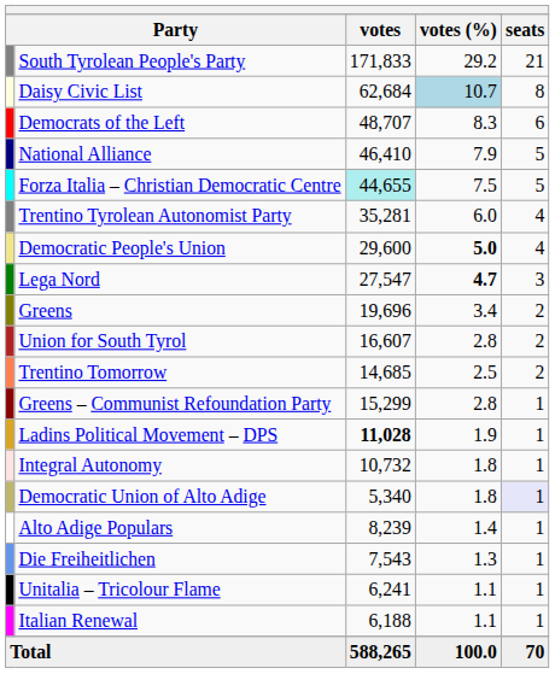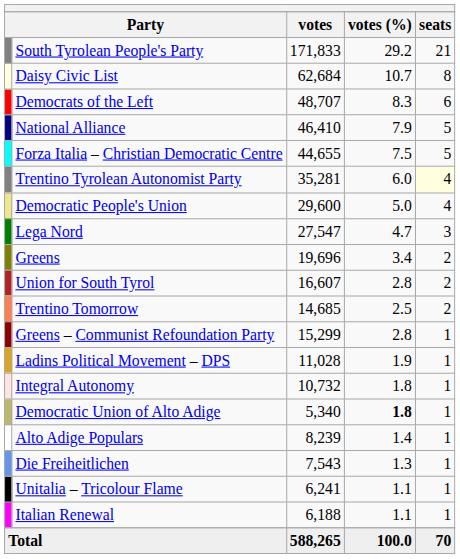 <table class="wikitable" style="font-size:95%">
 <tr>
 <th colspan=5></th>
 </tr>
 <tr>
 </tr>
 <tr bgcolor="EFEFEF">
 <th colspan=2>Party</th>
 <th>votes</th>
 <th>votes (%)</th>
 <th>seats</th>
 </tr>
 <tr>
 <td bgcolor=Gray></td>
 <td><a href='#'>South Tyrolean People's Party</a></td>
 <td align=right>171,833</td>
 <td align=right>29.2</td>
 <td align=right>21</td>
 </tr>
 <tr>
 <td bgcolor=Lightyellow></td>
 <td><a href='#'>Daisy Civic List</a></td>
 <td align=right>62,684</td>
-<td align=right style="background: lightblue;">10.7</td>
+<td align=right>10.7</td>
 <td align=right>8</td>
 </tr>
 <tr>
 <td bgcolor=Red></td>
 <td><a href='#'>Democrats of the Left</a></td>
 <td align=right>48,707</td>
 <td align=right>8.3</td>
 <td align=right>6</td>
 </tr>
 <tr>
 <td bgcolor=Navy></td>
 <td><a href='#'>National Alliance</a></td>
 <td align=right>46,410</td>
 <td align=right>7.9</td>
 <td align=right>5</td>
 </tr>
 <tr>
 <td bgcolor=Aqua></td>
 <td><a href='#'>Forza Italia</a> – <a href='#'>Christian Democratic Centre</a></td>
-<td align=right style="background: paleturquoise;">44,655</td>
+<td align=right>44,655</td>
 <td align=right>7.5</td>
 <td align=right>5</td>
 </tr>
 <tr>
 <td bgcolor=Gray></td>
 <td><a href='#'>Trentino Tyrolean Autonomist Party</a></td>
 <td align=right>35,281</td>
 <td align=right>6.0</td>
-<td align=right>4</td>
+<td align=right style="background: lightyellow;">4</td>
 </tr>
 <tr>
 <td bgcolor=Khaki></td>
 <td><a href='#'>Democratic People's Union</a></td>
 <td align=right>29,600</td>
-<td align=right><strong>5.0</strong></td>
+<td align=right>5.0</td>
 <td align=right>4</td>
 </tr>
 <tr>
 <td bgcolor=Green></td>
 <td><a href='#'>Lega Nord</a></td>
 <td align=right>27,547</td>
-<td align=right><strong>4.7</strong></td>
+<td align=right>4.7</td>
 <td align=right>3</td>
 </tr>
 <tr>
 <td bgcolor=Olive></td>
 <td><a href='#'>Greens</a></td>
 <td align=right>19,696</td>
 <td align=right>3.4</td>
 <td align=right>2</td>
 </tr>
 <tr>
 <td bgcolor=Firebrick></td>
 <td><a href='#'>Union for South Tyrol</a></td>
 <td align=right>16,607</td>
 <td align=right>2.8</td>
 <td align=right>2</td>
 </tr>
 <tr>
 <td bgcolor=Coral></td>
 <td><a href='#'>Trentino Tomorrow</a></td>
 <td align=right>14,685</td>
 <td align=right>2.5</td>
 <td align=right>2</td>
 </tr>
 <tr>
 <td bgcolor=Darkred></td>
 <td><a href='#'>Greens</a> – <a href='#'>Communist Refoundation Party</a></td>
 <td align=right>15,299</td>
 <td align=right>2.8</td>
 <td align=right>1</td>
 </tr>
 <tr>
 <td bgcolor=Goldenrod></td>
 <td><a href='#'>Ladins Political Movement</a> – <a href='#'>DPS</a></td>
-<td align=right><strong>11,028</strong></td>
+<td align=right>11,028</td>
 <td align=right>1.9</td>
 <td align=right>1</td>
 </tr>
 <tr>
 <td bgcolor=Mistyrose></td>
 <td><a href='#'>Integral Autonomy</a></td>
 <td align=right>10,732</td>
 <td align=right>1.8</td>
 <td align=right>1</td>
 </tr>
 <tr>
 <td bgcolor=Darkkhaki></td>
 <td><a href='#'>Democratic Union of Alto Adige</a></td>
 <td align=right>5,340</td>
-<td align=right>1.8</td>
-<td align=right style="background: lavender;">1</td>
+<td align=right><strong>1.8</strong></td>
+<td align=right>1</td>
 </tr>
 <tr>
 <td bgcolor=White></td>
 <td><a href='#'>Alto Adige Populars</a></td>
 <td align=right>8,239</td>
 <td align=right>1.4</td>
 <td align=right>1</td>
 </tr>
 <tr>
 <td bgcolor=Cornflowerblue></td>
 <td><a href='#'>Die Freiheitlichen</a></td>
 <td align=right>7,543</td>
 <td align=right>1.3</td>
 <td align=right>1</td>
 </tr>
 <tr>
 <td bgcolor=Black></td>
 <td><a href='#'>Unitalia</a> – <a href='#'>Tricolour Flame</a></td>
 <td align=right>6,241</td>
 <td align=right>1.1</td>
 <td align=right>1</td>
 </tr>
 <tr>
 <td bgcolor=Fuchsia></td>
 <td><a href='#'>Italian Renewal</a></td>
 <td align=right>6,188</td>
 <td align=right>1.1</td>
 <td align=right>1</td>
 </tr>
 <tr>
 </tr>
 <tr bgcolor="EFEFEF">
 <td colspan=2><strong>Total</strong></td>
 <td align=right><strong>588,265</strong></td>
 <td align=right><strong>100.0</strong></td>
 <td align=right><strong>70</strong></td>
 </tr>
 </table>
